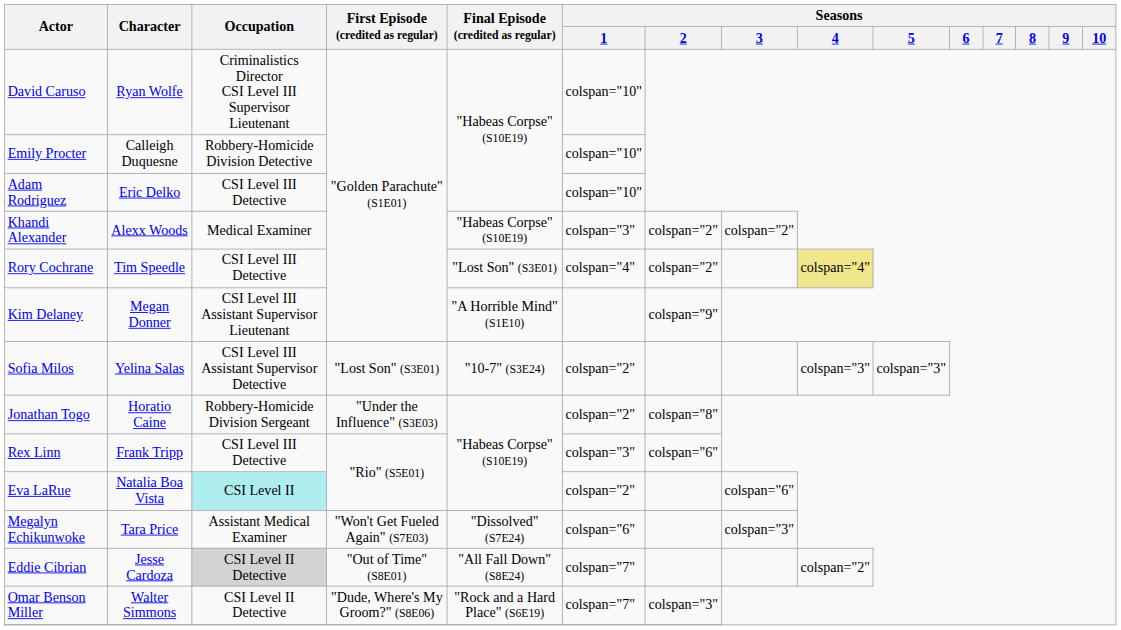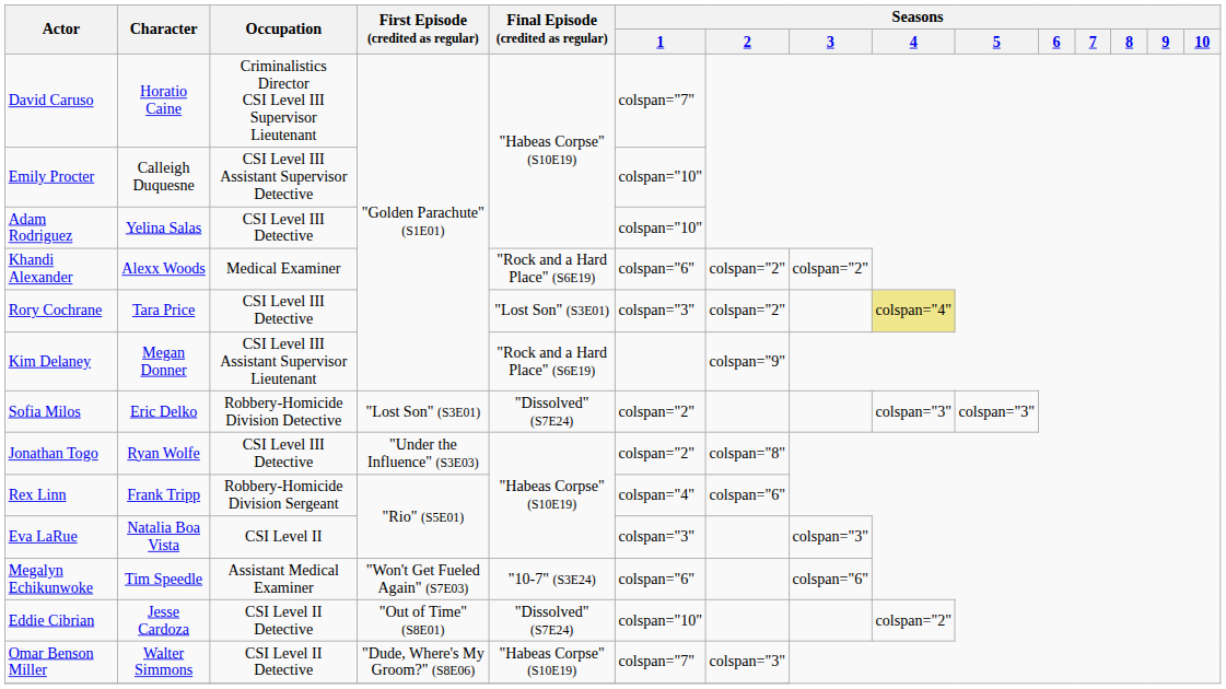 <table class="wikitable" style="width:100%;">
 <tr>
 <th rowspan="2">Actor</th>
 <th rowspan="2">Character</th>
 <th rowspan="2">Occupation</th>
 <th rowspan="2">First Episode<br><small>(credited as regular)</small></th>
 <th rowspan="2">Final Episode<br><small>(credited as regular)</small></th>
 <th colspan="10">Seasons</th>
 </tr>
 <tr>
 <th style="width:3%;"><a href='#'>1</a></th>
 <th style="width:3%;"><a href='#'>2</a></th>
 <th style="width:3%;"><a href='#'>3</a></th>
 <th style="width:3%;"><a href='#'>4</a></th>
 <th style="width:3%;"><a href='#'>5</a></th>
 <th style="width:3%;"><a href='#'>6</a></th>
 <th style="width:3%;"><a href='#'>7</a></th>
 <th style="width:3%;"><a href='#'>8</a></th>
 <th style="width:3%;"><a href='#'>9</a></th>
 <th style="width:3%;"><a href='#'>10</a></th>
 </tr>
 <tr>
 <td><a href='#'>David Caruso</a></td>
-<td align="center"><a href='#'>Ryan Wolfe</a></td>
+<td align="center"><a href='#'>Horatio Caine</a></td>
 <td align="center">Criminalistics Director<br>CSI Level III Supervisor<br>Lieutenant</td>
 <td rowspan="6" align="center">"Golden Parachute" <small>(S1E01)</small></td>
 <td rowspan="3" align="center">"Habeas Corpse" <small>(S10E19)</small></td>
-<td>colspan="10" </td>
+<td>colspan="7" </td>
 </tr>
 <tr>
 <td><a href='#'>Emily Procter</a></td>
 <td align="center">Calleigh Duquesne</td>
-<td align="center">Robbery-Homicide Division Detective</td>
+<td align="center">CSI Level III<br>Assistant Supervisor<br>Detective</td>
 <td>colspan="10" </td>
 </tr>
 <tr>
 <td><a href='#'>Adam Rodriguez</a></td>
-<td align="center"><a href='#'>Eric Delko</a></td>
+<td align="center"><a href='#'>Yelina Salas</a></td>
 <td align="center">CSI Level III<br> Detective</td>
 <td>colspan="10" </td>
 </tr>
 <tr>
 <td><a href='#'>Khandi Alexander</a></td>
 <td align="center"><a href='#'>Alexx Woods</a></td>
 <td align="center">Medical Examiner</td>
-<td align="center">"Habeas Corpse" <small>(S10E19)</small></td>
-<td>colspan="3" </td>
+<td align="center">"Rock and a Hard Place" <small>(S6E19)</small></td>
+<td>colspan="6" </td>
 <td>colspan="2" </td>
 <td>colspan="2" </td>
 </tr>
 <tr>
 <td><a href='#'>Rory Cochrane</a></td>
-<td align="center"><a href='#'>Tim Speedle</a></td>
+<td align="center"><a href='#'>Tara Price</a></td>
 <td align="center">CSI Level III<br>Detective</td>
 <td align="center">"Lost Son" <small>(S3E01)</small></td>
-<td>colspan="4" </td>
+<td>colspan="3" </td>
 <td>colspan="2" </td>
 <td></td>
 <td style="background: khaki;">colspan="4" </td>
 </tr>
 <tr>
 <td><a href='#'>Kim Delaney</a></td>
 <td align="center"><a href='#'>Megan Donner</a></td>
 <td align="center">CSI Level III<br>Assistant Supervisor<br>Lieutenant</td>
-<td align="center">"A Horrible Mind" <small>(S1E10)</small></td>
+<td align="center">"Rock and a Hard Place" <small>(S6E19)</small></td>
 <td></td>
 <td>colspan="9" </td>
 </tr>
 <tr>
 <td><a href='#'>Sofia Milos</a></td>
-<td align="center"><a href='#'>Yelina Salas</a></td>
-<td align="center">CSI Level III<br>Assistant Supervisor<br>Detective</td>
+<td align="center"><a href='#'>Eric Delko</a></td>
+<td align="center">Robbery-Homicide Division Detective</td>
 <td align="center">"Lost Son" <small>(S3E01)</small></td>
-<td align="center">"10-7" <small>(S3E24)</small></td>
+<td align="center">"Dissolved" <small>(S7E24)</small></td>
 <td>colspan="2" </td>
 <td></td>
 <td></td>
 <td>colspan="3" </td>
 <td>colspan="3" </td>
 </tr>
 <tr>
 <td><a href='#'>Jonathan Togo</a></td>
-<td align="center"><a href='#'>Horatio Caine</a></td>
-<td align="center">Robbery-Homicide Division Sergeant</td>
+<td align="center"><a href='#'>Ryan Wolfe</a></td>
+<td align="center">CSI Level III<br>Detective</td>
 <td align="center">"Under the Influence" <small>(S3E03)</small></td>
 <td rowspan="3" align="center">"Habeas Corpse" <small>(S10E19)</small></td>
 <td>colspan="2" </td>
 <td>colspan="8" </td>
 </tr>
 <tr>
 <td><a href='#'>Rex Linn</a></td>
 <td align="center"><a href='#'>Frank Tripp</a></td>
-<td align="center">CSI Level III<br>Detective</td>
+<td align="center">Robbery-Homicide Division Sergeant</td>
 <td rowspan="2" align="center">"Rio" <small>(S5E01)</small></td>
-<td>colspan="3" </td>
+<td>colspan="4" </td>
 <td>colspan="6" </td>
 </tr>
 <tr>
 <td><a href='#'>Eva LaRue</a></td>
 <td align="center"><a href='#'>Natalia Boa Vista</a></td>
-<td align="center" style="background: paleturquoise;">CSI Level II</td>
-<td>colspan="2" </td>
+<td align="center">CSI Level II</td>
+<td>colspan="3" </td>
+<td></td>
+<td>colspan="3" </td>
+</tr>
+<tr>
+<td><a href='#'>Megalyn Echikunwoke</a></td>
+<td align="center"><a href='#'>Tim Speedle</a></td>
+<td align="center">Assistant Medical Examiner</td>
+<td align="center">"Won't Get Fueled Again" <small>(S7E03)</small></td>
+<td align="center">"10-7" <small>(S3E24)</small></td>
+<td>colspan="6" </td>
 <td></td>
 <td>colspan="6" </td>
 </tr>
 <tr>
-<td><a href='#'>Megalyn Echikunwoke</a></td>
-<td align="center"><a href='#'>Tara Price</a></td>
-<td align="center">Assistant Medical Examiner</td>
-<td align="center">"Won't Get Fueled Again" <small>(S7E03)</small></td>
-<td align="center">"Dissolved" <small>(S7E24)</small></td>
-<td>colspan="6" </td>
-<td></td>
-<td>colspan="3" </td>
-</tr>
-<tr>
 <td><a href='#'>Eddie Cibrian</a></td>
 <td align="center"><a href='#'>Jesse Cardoza</a></td>
-<td align="center" style="background: lightgrey;">CSI Level II<br>Detective</td>
+<td align="center">CSI Level II<br>Detective</td>
 <td align="center">"Out of Time" <small>(S8E01)</small></td>
-<td align="center">"All Fall Down" <small>(S8E24)</small></td>
-<td>colspan="7" </td>
+<td align="center">"Dissolved" <small>(S7E24)</small></td>
+<td>colspan="10" </td>
 <td></td>
 <td></td>
 <td>colspan="2" </td>
 </tr>
 <tr>
 <td><a href='#'>Omar Benson Miller</a></td>
 <td align="center"><a href='#'>Walter Simmons</a></td>
 <td align="center">CSI Level II<br>Detective</td>
 <td align="center">"Dude, Where's My Groom?" <small>(S8E06)</small></td>
-<td align="center">"Rock and a Hard Place" <small>(S6E19)</small></td>
+<td align="center">"Habeas Corpse" <small>(S10E19)</small></td>
 <td>colspan="7" </td>
 <td>colspan="3" </td>
 </tr>
 <tr>
 </tr>
 <tr>
 </tr>
 </table>
